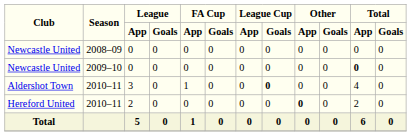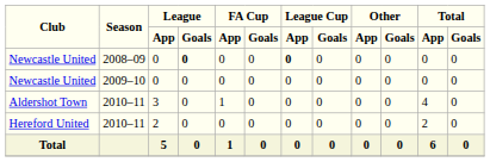 <table border=1 align=center cellpadding=4 cellspacing=2 style="background: ivory; font-size: 95%; border: 1px #aaaaaa solid; border-collapse: collapse; clear:center">
 <tr>
 <th rowspan="2">Club</th>
 <th rowspan="2">Season</th>
 <th colspan="2">League</th>
 <th colspan="2">FA Cup</th>
 <th colspan="2">League Cup</th>
 <th colspan="2">Other</th>
 <th colspan="2">Total</th>
 </tr>
 <tr>
 <th>App</th>
 <th>Goals</th>
 <th>App</th>
 <th>Goals</th>
 <th>App</th>
 <th>Goals</th>
 <th>App</th>
 <th>Goals</th>
 <th>App</th>
 <th>Goals</th>
 </tr>
 <tr>
 <td rowspan="1" valign=top><a href='#'>Newcastle United</a></td>
 <td>2008–09</td>
 <td>0</td>
+<td><strong>0</strong></td>
 <td>0</td>
 <td>0</td>
-<td>0</td>
-<td>0</td>
+<td><strong>0</strong></td>
 <td>0</td>
 <td>0</td>
 <td>0</td>
 <td>0</td>
 <td>0</td>
 </tr>
 <tr>
 <td rowspan="1" valign=top><a href='#'>Newcastle United</a></td>
 <td>2009–10</td>
 <td>0</td>
 <td>0</td>
 <td>0</td>
 <td>0</td>
 <td>0</td>
 <td>0</td>
 <td>0</td>
 <td>0</td>
-<td><strong>0</strong></td>
+<td>0</td>
 <td>0</td>
 </tr>
 <tr>
 <td rowspan="1" valign=top><a href='#'>Aldershot Town</a></td>
 <td>2010–11</td>
 <td>3</td>
 <td>0</td>
 <td>1</td>
 <td>0</td>
 <td>0</td>
-<td><strong>0</strong></td>
+<td>0</td>
 <td>0</td>
 <td>0</td>
 <td>4</td>
 <td>0</td>
 </tr>
 <tr>
 <td rowspan="1" valign=top><a href='#'>Hereford United</a></td>
 <td>2010–11</td>
 <td>2</td>
 <td>0</td>
 <td>0</td>
 <td>0</td>
 <td>0</td>
 <td>0</td>
-<td><strong>0</strong></td>
+<td>0</td>
 <td>0</td>
 <td>2</td>
 <td>0</td>
 </tr>
 <tr>
 <th style="background:beige">Total</th>
 <th style="background:beige" colspan="1"></th>
 <th style="background:beige">5</th>
 <th style="background:beige">0</th>
 <th style="background:beige">1</th>
 <th style="background:beige">0</th>
 <th style="background:beige">0</th>
 <th style="background:beige">0</th>
 <th style="background:beige">0</th>
 <th style="background:beige">0</th>
 <th style="background:beige">6</th>
 <th style="background:beige">0</th>
 </tr>
 <tr>
 </tr>
 </table>
